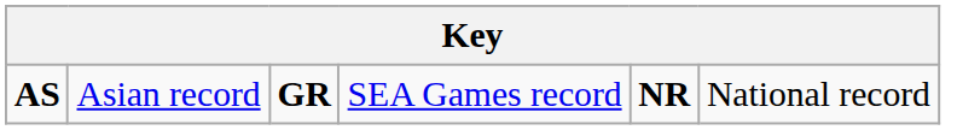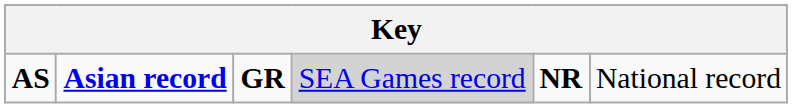 <table class="wikitable" style="font-size:95%; position:relative;">
 <tr>
 <th colspan=8>Key</th>
 </tr>
 <tr>
 <td align=center><strong>AS</strong></td>
-<td><a href='#'>Asian record</a></td>
+<td><strong><a href='#'>Asian record</a></strong></td>
 <td align=center><strong>GR</strong></td>
-<td><a href='#'>SEA Games record</a></td>
+<td style="background: lightgrey;"><a href='#'>SEA Games record</a></td>
 <td align=center><strong>NR</strong></td>
 <td>National record</td>
 </tr>
 </table>
